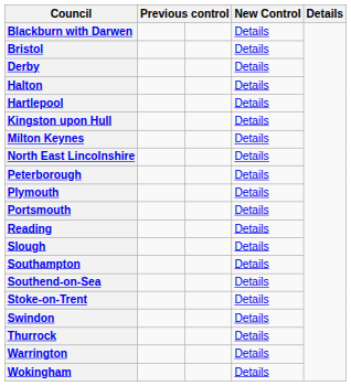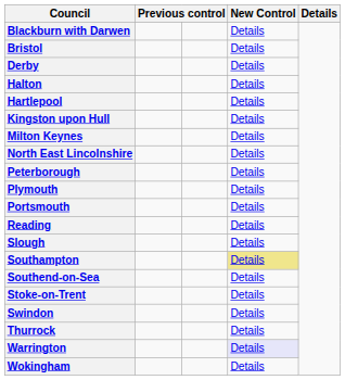 <table class="wikitable">
 <tr>
 <th scope="col">Council</th>
 <th colspan=2>Previous control</th>
 <th colspan=2>New Control</th>
 <th scope="col">Details</th>
 </tr>
 <tr>
 <th scope="row" style="text-align: left;"><a href='#'>Blackburn with Darwen</a></th>
 <td></td>
 <td></td>
 <td><a href='#'>Details</a></td>
 </tr>
 <tr>
 <th scope="row" style="text-align: left;"><a href='#'>Bristol</a></th>
 <td></td>
 <td></td>
 <td><a href='#'>Details</a></td>
 </tr>
 <tr>
 <th scope="row" style="text-align: left;"><a href='#'>Derby</a></th>
 <td></td>
 <td></td>
 <td><a href='#'>Details</a></td>
 </tr>
 <tr>
 <th scope="row" style="text-align: left;"><a href='#'>Halton</a></th>
 <td></td>
 <td></td>
 <td><a href='#'>Details</a></td>
 </tr>
 <tr>
 <th scope="row" style="text-align: left;"><a href='#'>Hartlepool</a></th>
 <td></td>
 <td></td>
 <td><a href='#'>Details</a></td>
 </tr>
 <tr>
 <th scope="row" style="text-align: left;"><a href='#'>Kingston upon Hull</a></th>
 <td></td>
 <td></td>
 <td><a href='#'>Details</a></td>
 </tr>
 <tr>
 <th scope="row" style="text-align: left;"><a href='#'>Milton Keynes</a></th>
 <td></td>
 <td></td>
 <td><a href='#'>Details</a></td>
 </tr>
 <tr>
 <th scope="row" style="text-align: left;"><a href='#'>North East Lincolnshire</a></th>
 <td></td>
 <td></td>
 <td><a href='#'>Details</a></td>
 </tr>
 <tr>
 <th scope="row" style="text-align: left;"><a href='#'>Peterborough</a></th>
 <td></td>
 <td></td>
 <td><a href='#'>Details</a></td>
 </tr>
 <tr>
 <th scope="row" style="text-align: left;"><a href='#'>Plymouth</a></th>
 <td></td>
 <td></td>
 <td><a href='#'>Details</a></td>
 </tr>
 <tr>
 <th scope="row" style="text-align: left;"><a href='#'>Portsmouth</a></th>
 <td></td>
 <td></td>
 <td><a href='#'>Details</a></td>
 </tr>
 <tr>
 <th scope="row" style="text-align: left;"><a href='#'>Reading</a></th>
 <td></td>
 <td></td>
 <td><a href='#'>Details</a></td>
 </tr>
 <tr>
 <th scope="row" style="text-align: left;"><a href='#'>Slough</a></th>
 <td></td>
 <td></td>
 <td><a href='#'>Details</a></td>
 </tr>
 <tr>
 <th scope="row" style="text-align: left;"><a href='#'>Southampton</a></th>
 <td></td>
 <td></td>
-<td><a href='#'>Details</a></td>
+<td style="background: khaki;"><a href='#'>Details</a></td>
 </tr>
 <tr>
 <th scope="row" style="text-align: left;"><a href='#'>Southend-on-Sea</a></th>
 <td></td>
 <td></td>
 <td><a href='#'>Details</a></td>
 </tr>
 <tr>
 <th scope="row" style="text-align: left;"><a href='#'>Stoke-on-Trent</a></th>
 <td></td>
 <td></td>
 <td><a href='#'>Details</a></td>
 </tr>
 <tr>
 <th scope="row" style="text-align: left;"><a href='#'>Swindon</a></th>
 <td></td>
 <td></td>
 <td><a href='#'>Details</a></td>
 </tr>
 <tr>
 <th scope="row" style="text-align: left;"><a href='#'>Thurrock</a></th>
 <td></td>
 <td></td>
 <td><a href='#'>Details</a></td>
 </tr>
 <tr>
 <th scope="row" style="text-align: left;"><a href='#'>Warrington</a></th>
 <td></td>
 <td></td>
-<td><a href='#'>Details</a></td>
+<td style="background: lavender;"><a href='#'>Details</a></td>
 </tr>
 <tr>
 <th scope="row" style="text-align: left;"><a href='#'>Wokingham</a></th>
 <td></td>
 <td></td>
 <td><a href='#'>Details</a></td>
 </tr>
 </table>
